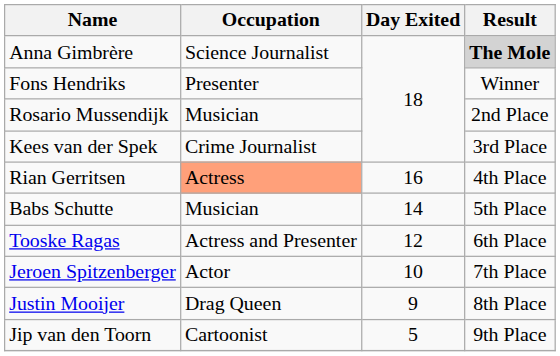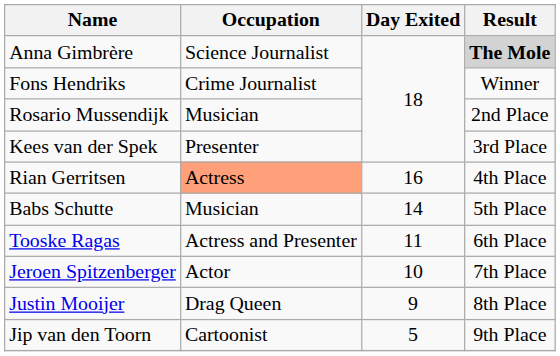 <table class="wikitable sortable" style="text-align:center;">
 <tr>
 <th>Name</th>
 <th>Occupation</th>
 <th>Day Exited</th>
 <th>Result</th>
 </tr>
 <tr>
 <td style="text-align:left">Anna Gimbrère</td>
 <td style="text-align:left">Science Journalist</td>
 <td rowspan="4" style="text-align:center">18</td>
 <td style=background:lightgray;><strong>The Mole</strong></td>
 </tr>
 <tr>
 <td style="text-align:left">Fons Hendriks</td>
-<td style="text-align:left">Presenter</td>
+<td style="text-align:left">Crime Journalist</td>
 <td>Winner</td>
 </tr>
 <tr>
 <td style="text-align:left">Rosario Mussendijk</td>
 <td style="text-align:left">Musician</td>
 <td>2nd Place</td>
 </tr>
 <tr>
 <td style="text-align:left">Kees van der Spek</td>
-<td style="text-align:left">Crime Journalist</td>
+<td style="text-align:left">Presenter</td>
 <td>3rd Place</td>
 </tr>
 <tr>
 <td style="text-align:left">Rian Gerritsen</td>
 <td style="background: lightsalmon; text-align:left">Actress</td>
 <td>16</td>
 <td>4th Place</td>
 </tr>
 <tr>
 <td style="text-align:left">Babs Schutte</td>
 <td style="text-align:left">Musician</td>
 <td>14</td>
 <td>5th Place</td>
 </tr>
 <tr>
 <td style="text-align:left"><a href='#'>Tooske Ragas</a></td>
 <td style="text-align:left">Actress and Presenter</td>
-<td>12</td>
+<td>11</td>
 <td>6th Place</td>
 </tr>
 <tr>
 <td style="text-align:left"><a href='#'>Jeroen Spitzenberger</a></td>
 <td style="text-align:left">Actor</td>
 <td>10</td>
 <td>7th Place</td>
 </tr>
 <tr>
 <td style="text-align:left"><a href='#'>Justin Mooijer</a></td>
 <td style="text-align:left">Drag Queen</td>
 <td>9</td>
 <td>8th Place</td>
 </tr>
 <tr>
 <td style="text-align:left">Jip van den Toorn</td>
 <td style="text-align:left">Cartoonist</td>
 <td>5</td>
 <td>9th Place</td>
 </tr>
 <tr>
 </tr>
 </table>
